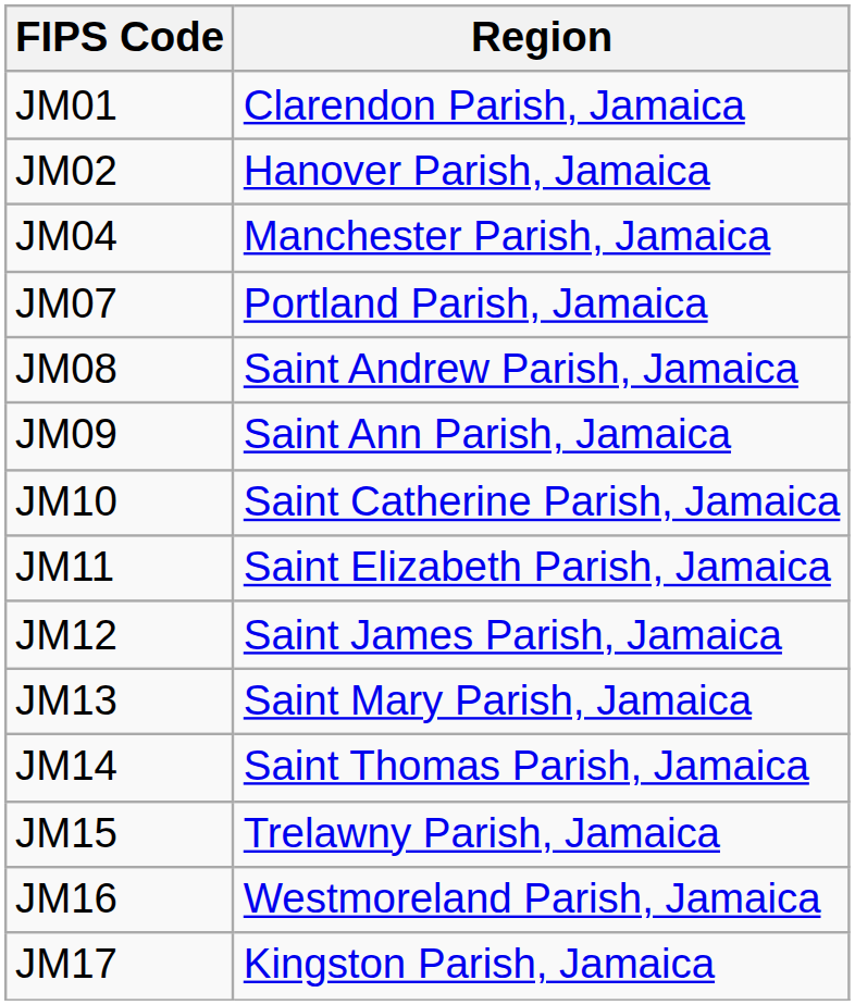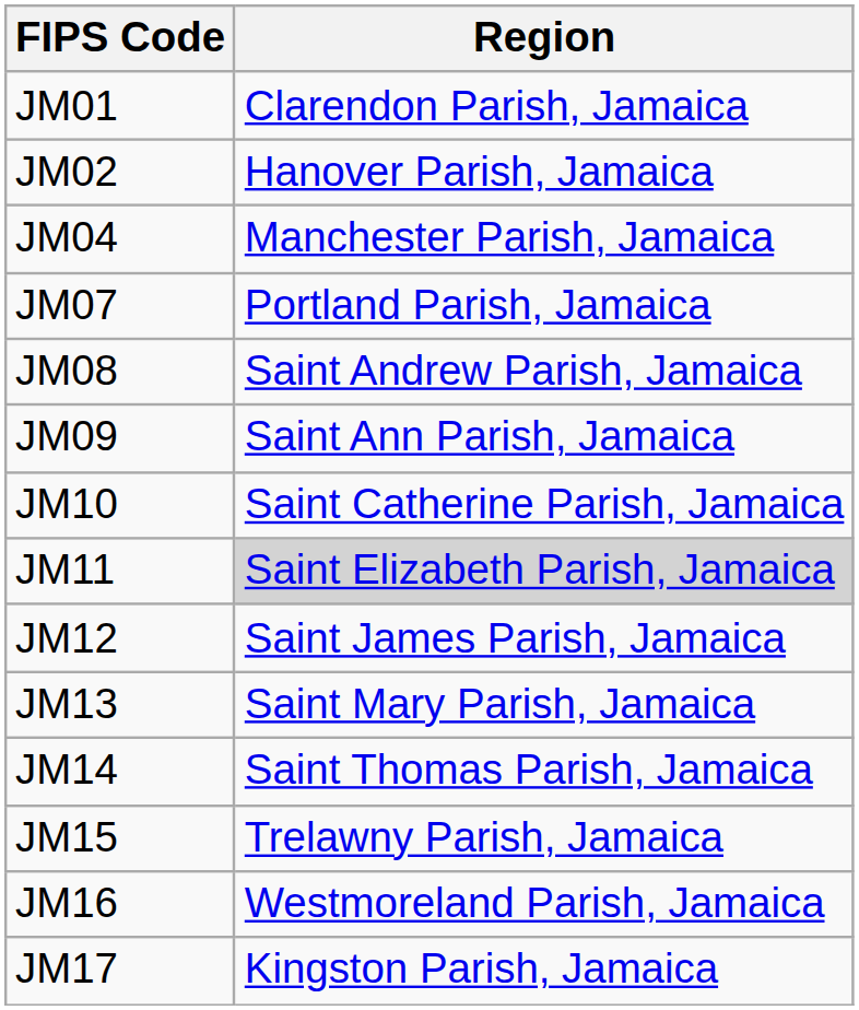 <table class="wikitable">
 <tr>
 <th>FIPS Code</th>
 <th>Region</th>
 </tr>
 <tr>
 <td>JM01</td>
 <td><a href='#'>Clarendon Parish, Jamaica</a></td>
 </tr>
 <tr>
 <td>JM02</td>
 <td><a href='#'>Hanover Parish, Jamaica</a></td>
 </tr>
 <tr>
 <td>JM04</td>
 <td><a href='#'>Manchester Parish, Jamaica</a></td>
 </tr>
 <tr>
 <td>JM07</td>
 <td><a href='#'>Portland Parish, Jamaica</a></td>
 </tr>
 <tr>
 <td>JM08</td>
 <td><a href='#'>Saint Andrew Parish, Jamaica</a></td>
 </tr>
 <tr>
 <td>JM09</td>
 <td><a href='#'>Saint Ann Parish, Jamaica</a></td>
 </tr>
 <tr>
 <td>JM10</td>
 <td><a href='#'>Saint Catherine Parish, Jamaica</a></td>
 </tr>
 <tr>
 <td>JM11</td>
-<td><a href='#'>Saint Elizabeth Parish, Jamaica</a></td>
+<td style="background: lightgrey;"><a href='#'>Saint Elizabeth Parish, Jamaica</a></td>
 </tr>
 <tr>
 <td>JM12</td>
 <td><a href='#'>Saint James Parish, Jamaica</a></td>
 </tr>
 <tr>
 <td>JM13</td>
 <td><a href='#'>Saint Mary Parish, Jamaica</a></td>
 </tr>
 <tr>
 <td>JM14</td>
 <td><a href='#'>Saint Thomas Parish, Jamaica</a></td>
 </tr>
 <tr>
 <td>JM15</td>
 <td><a href='#'>Trelawny Parish, Jamaica</a></td>
 </tr>
 <tr>
 <td>JM16</td>
 <td><a href='#'>Westmoreland Parish, Jamaica</a></td>
 </tr>
 <tr>
 <td>JM17</td>
 <td><a href='#'>Kingston Parish, Jamaica</a></td>
 </tr>
 </table>
